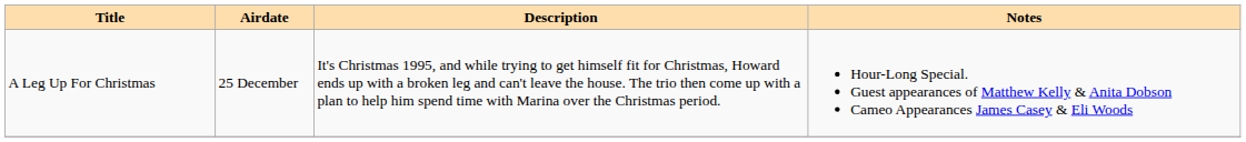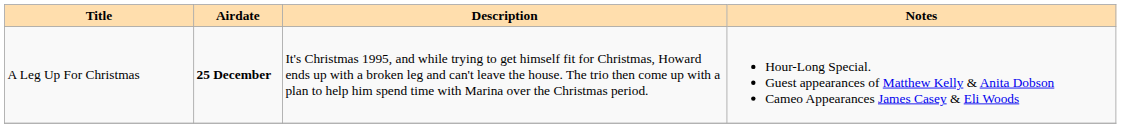 <table class="wikitable" width=100% border=1 style="font-size: 95%">
 <tr>
 <th style="background:#ffdead" width=17%>Title</th>
 <th style="background:#ffdead" width=8%>Airdate</th>
 <th style="background:#ffdead" width=40%>Description</th>
 <th style="background:#ffdead" width=35%>Notes</th>
 </tr>
 <tr>
 <td>A Leg Up For Christmas</td>
-<td>25 December</td>
+<td><strong>25 December</strong></td>
 <td>It's Christmas 1995, and while trying to get himself fit for Christmas, Howard ends up with a broken leg and can't leave the house. The trio then come up with a plan to help him spend time with Marina over the Christmas period.</td>
 <td><br><ul><li>Hour-Long Special.</li><li>Guest appearances of <a href='#'>Matthew Kelly</a> & <a href='#'>Anita Dobson</a></li><li>Cameo Appearances <a href='#'>James Casey</a> & <a href='#'>Eli Woods</a></li></ul></td>
 </tr>
 <tr>
 </tr>
 </table>
